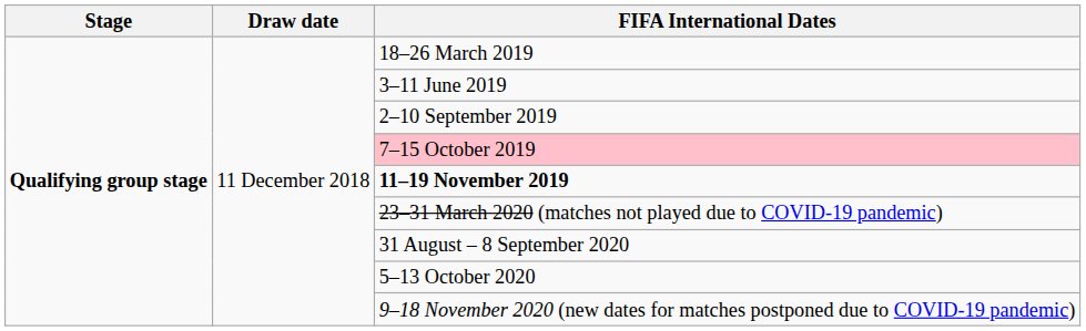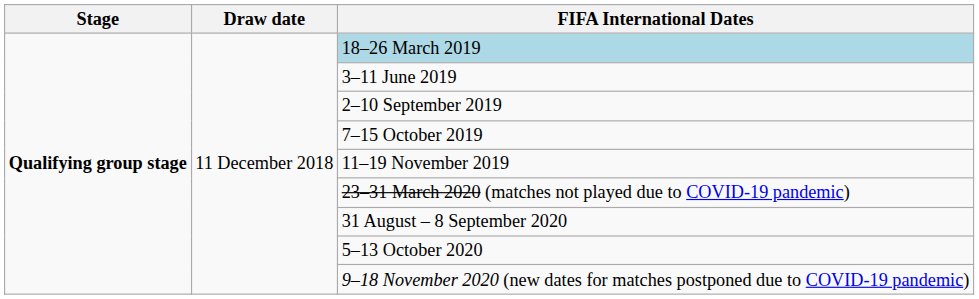 <table class="wikitable">
 <tr>
 <th>Stage</th>
 <th>Draw date</th>
 <th>FIFA International Dates</th>
 </tr>
 <tr>
 <td rowspan=9><strong>Qualifying group stage</strong></td>
 <td rowspan=9>11 December 2018</td>
-<td>18–26 March 2019</td>
+<td style="background: lightblue;">18–26 March 2019</td>
 </tr>
 <tr>
 <td>3–11 June 2019</td>
 </tr>
 <tr>
 <td>2–10 September 2019</td>
 </tr>
 <tr>
-<td style="background: pink;">7–15 October 2019</td>
+<td>7–15 October 2019</td>
 </tr>
 <tr>
-<td><strong>11–19 November 2019</strong></td>
+<td>11–19 November 2019</td>
 </tr>
 <tr>
 <td><s>23–31 March 2020</s> (matches not played due to <a href='#'>COVID-19 pandemic</a>)</td>
 </tr>
 <tr>
 <td>31 August – 8 September 2020</td>
 </tr>
 <tr>
 <td>5–13 October 2020</td>
 </tr>
 <tr>
 <td><em>9–18 November 2020</em> (new dates for matches postponed due to <a href='#'>COVID-19 pandemic</a>)</td>
 </tr>
 </table>
